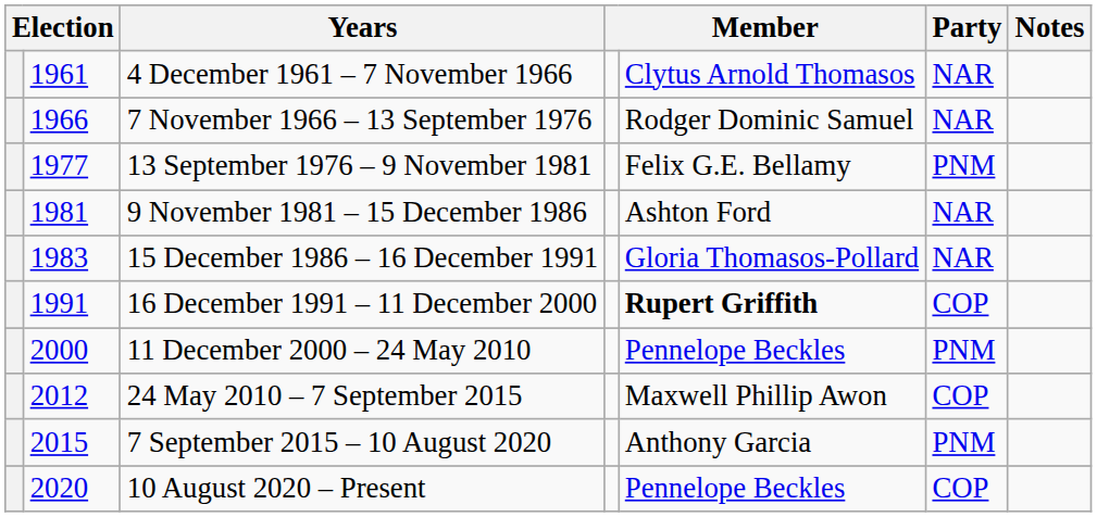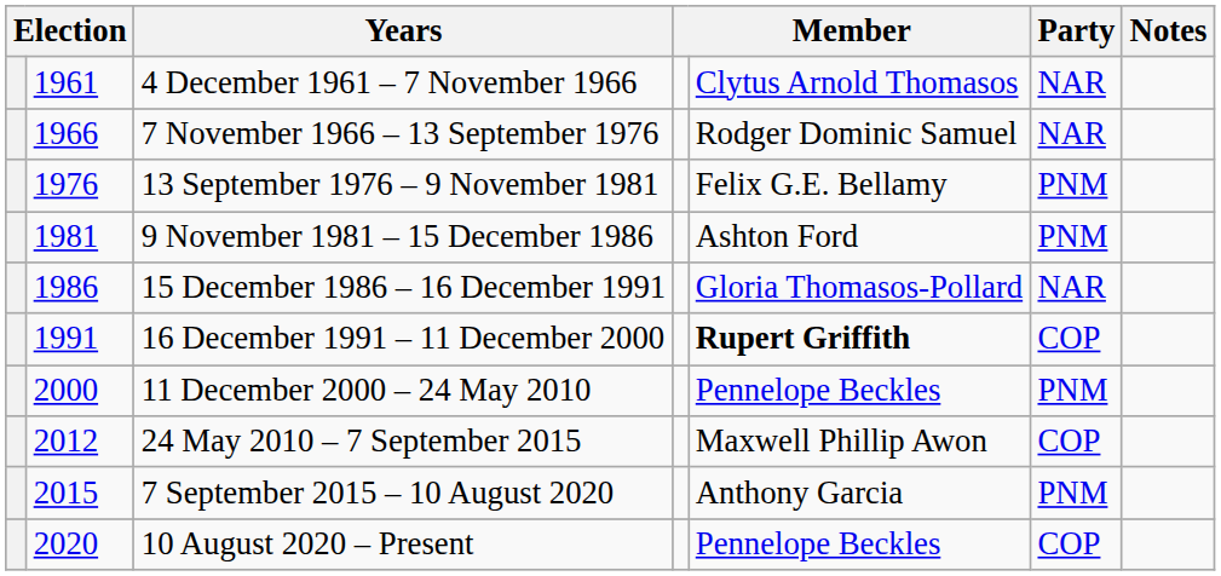 <table class="wikitable sortable" style="valign:top">
 <tr>
 <th colspan="2">Election</th>
 <th>Years</th>
 <th colspan="2">Member</th>
 <th>Party</th>
 <th>Notes</th>
 </tr>
 <tr>
 <th style="background-color: "></th>
 <td><a href='#'>1961</a></td>
 <td>4 December 1961 – 7 November 1966</td>
 <td></td>
 <td><a href='#'>Clytus Arnold Thomasos</a></td>
 <td><a href='#'>NAR</a></td>
 <td></td>
 </tr>
 <tr>
 <th style="background-color: "></th>
 <td><a href='#'>1966</a></td>
 <td>7 November 1966 – 13 September 1976</td>
 <td></td>
 <td>Rodger Dominic Samuel</td>
 <td><a href='#'>NAR</a></td>
 <td></td>
 </tr>
 <tr>
 <th style="background-color: "></th>
-<td><a href='#'>1977</a></td>
+<td><a href='#'>1976</a></td>
 <td>13 September 1976 – 9 November 1981</td>
 <td></td>
 <td>Felix G.E. Bellamy</td>
 <td><a href='#'>PNM</a></td>
 <td></td>
 </tr>
 <tr>
 <th style="background-color: "></th>
 <td><a href='#'>1981</a></td>
 <td>9 November 1981 – 15 December 1986</td>
 <td></td>
 <td>Ashton Ford</td>
-<td><a href='#'>NAR</a></td>
+<td><a href='#'>PNM</a></td>
 <td></td>
 </tr>
 <tr>
 <th style="background-color: "></th>
-<td><a href='#'>1983</a></td>
+<td><a href='#'>1986</a></td>
 <td>15 December 1986 – 16 December 1991</td>
 <td></td>
 <td><a href='#'>Gloria Thomasos-Pollard</a></td>
 <td><a href='#'>NAR</a></td>
 <td></td>
 </tr>
 <tr>
 <th style="background-color: "></th>
 <td><a href='#'>1991</a></td>
 <td>16 December 1991 – 11 December 2000</td>
 <td></td>
 <td><strong>Rupert Griffith</strong></td>
 <td><a href='#'>COP</a></td>
 <td></td>
 </tr>
 <tr>
 <th style="background-color: "></th>
 <td><a href='#'>2000</a></td>
 <td>11 December 2000 – 24 May 2010</td>
 <td></td>
 <td><a href='#'>Pennelope Beckles</a></td>
 <td><a href='#'>PNM</a></td>
 <td></td>
 </tr>
 <tr>
 <th style="background-color: "></th>
 <td><a href='#'>2012</a></td>
 <td>24 May 2010 – 7 September 2015</td>
 <td></td>
 <td>Maxwell Phillip Awon</td>
 <td><a href='#'>COP</a></td>
 <td></td>
 </tr>
 <tr>
 <th style="background-color: "></th>
 <td><a href='#'>2015</a></td>
 <td>7 September 2015 – 10 August 2020</td>
 <td></td>
 <td>Anthony Garcia</td>
 <td><a href='#'>PNM</a></td>
 <td></td>
 </tr>
 <tr>
 <th style="background-color: "></th>
 <td><a href='#'>2020</a></td>
 <td>10 August 2020 – Present</td>
 <td></td>
 <td><a href='#'>Pennelope Beckles</a></td>
 <td><a href='#'>COP</a></td>
 <td></td>
 </tr>
 </table>
